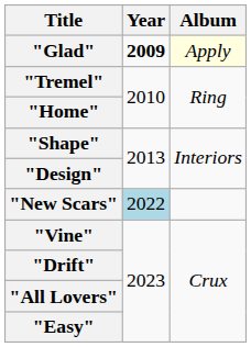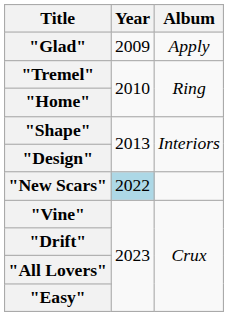 <table class="wikitable plainrowheaders" style="text-align:center">
 <tr>
 <th scope="col">Title</th>
 <th scope="col">Year</th>
 <th scope="col">Album</th>
 </tr>
 <tr>
 <th scope="row">"Glad"</th>
-<td><strong>2009</strong></td>
-<td style="background: lightyellow;"><em>Apply</em></td>
+<td>2009</td>
+<td><em>Apply</em></td>
 </tr>
 <tr>
 <th scope="row">"Tremel"</th>
 <td rowspan="2">2010</td>
 <td rowspan="2"><em>Ring</em></td>
 </tr>
 <tr>
 <th scope="row">"Home"</th>
 </tr>
 <tr>
 <th scope="row">"Shape"</th>
 <td rowspan="2">2013</td>
 <td rowspan="2"><em>Interiors</em></td>
 </tr>
 <tr>
 <th scope="row">"Design"</th>
 </tr>
 <tr>
 <th scope="row">"New Scars"</th>
 <td style="background: lightblue;">2022</td>
 <td></td>
 </tr>
 <tr>
 <th scope="row">"Vine"</th>
 <td rowspan="4">2023</td>
 <td rowspan="4"><em>Crux</em></td>
 </tr>
 <tr>
 <th scope="row">"Drift"</th>
 </tr>
 <tr>
 <th scope="row">"All Lovers"</th>
 </tr>
 <tr>
 <th scope="row">"Easy"</th>
 </tr>
 </table>
